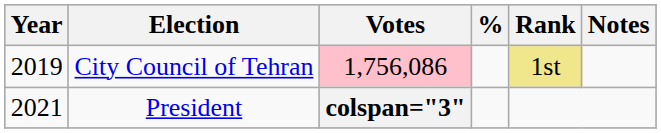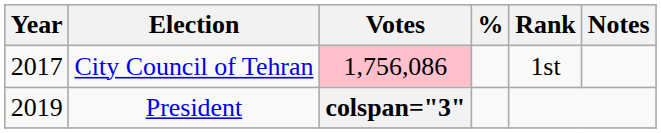 <table class="wikitable" style="text-align:center;">
 <tr>
 <th>Year</th>
 <th>Election</th>
 <th>Votes</th>
 <th>%</th>
 <th>Rank</th>
 <th>Notes</th>
 </tr>
 <tr>
-<td>2019</td>
+<td>2017</td>
 <td><a href='#'>City Council of Tehran</a></td>
 <td style="background: pink;">1,756,086</td>
 <td></td>
-<td style="background: khaki;">1st</td>
+<td>1st</td>
 <td></td>
 </tr>
 <tr>
-<td>2021</td>
+<td>2019</td>
 <td><a href='#'>President</a></td>
 <th>colspan="3" </th>
 <td></td>
 </tr>
 </table>
